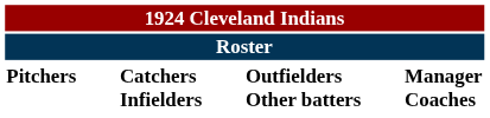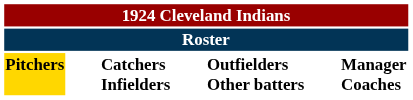 <table class="toccolours" style="font-size: 95%;">
 <tr>
 <th colspan="10" style="background-color: #990000; color: white; text-align: center;">1924 Cleveland Indians</th>
 </tr>
 <tr>
 <td colspan="10" style="background-color: #023456; color: white; text-align: center;"><strong>Roster</strong></td>
 </tr>
 <tr>
-<td valign="top"><strong>Pitchers</strong><br>                    </td>
+<td valign="top" style="background: gold;"><strong>Pitchers</strong><br>                    </td>
 <td width="25px"></td>
 <td valign="top"><strong>Catchers</strong><br>   <strong>Infielders</strong>           </td>
 <td width="25px"></td>
 <td valign="top"><strong>Outfielders</strong><br>       <strong>Other batters</strong> </td>
 <td width="25px"></td>
 <td valign="top"><strong>Manager</strong><br> <strong>Coaches</strong>  </td>
 </tr>
 </table>
